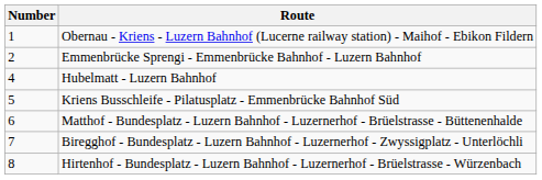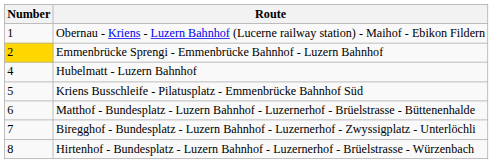 <table class="wikitable">
 <tr>
 <th>Number</th>
 <th>Route</th>
 </tr>
 <tr>
 <td>1</td>
 <td>Obernau - <a href='#'>Kriens</a> - <a href='#'>Luzern Bahnhof</a> (Lucerne railway station) - Maihof - Ebikon Fildern</td>
 </tr>
 <tr>
-<td>2</td>
+<td style="background: gold;">2</td>
 <td>Emmenbrücke Sprengi - Emmenbrücke Bahnhof - Luzern Bahnhof</td>
 </tr>
 <tr>
 <td>4</td>
 <td>Hubelmatt - Luzern Bahnhof</td>
 </tr>
 <tr>
 <td>5</td>
 <td>Kriens Busschleife - Pilatusplatz - Emmenbrücke Bahnhof Süd</td>
 </tr>
 <tr>
 <td>6</td>
 <td>Matthof - Bundesplatz - Luzern Bahnhof - Luzernerhof - Brüelstrasse - Büttenenhalde</td>
 </tr>
 <tr>
 <td>7</td>
 <td>Biregghof - Bundesplatz - Luzern Bahnhof - Luzernerhof - Zwyssigplatz - Unterlöchli</td>
 </tr>
 <tr>
 <td>8</td>
 <td>Hirtenhof - Bundesplatz - Luzern Bahnhof - Luzernerhof - Brüelstrasse - Würzenbach</td>
 </tr>
 </table>
